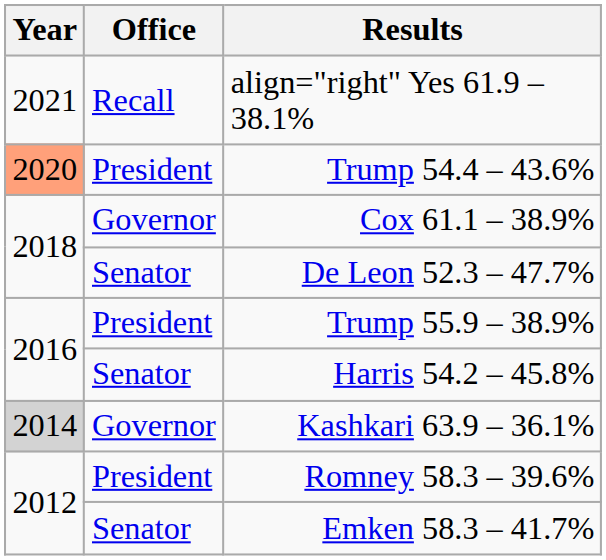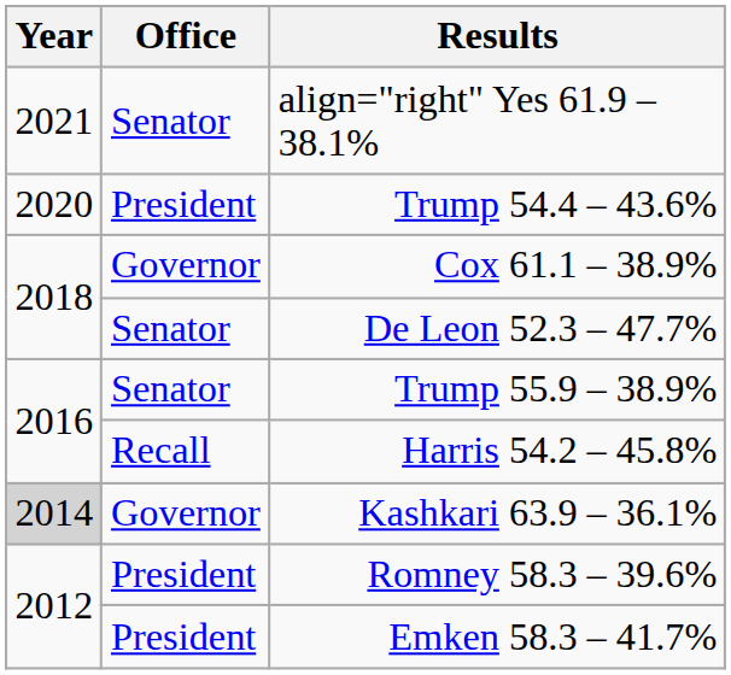 <table class=wikitable>
 <tr>
 <th width="30">Year</th>
 <th width="60">Office</th>
 <th width="180">Results</th>
 </tr>
 <tr>
 <td>2021</td>
-<td><a href='#'>Recall</a></td>
+<td><a href='#'>Senator</a></td>
 <td>align="right"  Yes 61.9 – 38.1%</td>
 </tr>
 <tr>
-<td style="background: lightsalmon;">2020</td>
+<td>2020</td>
 <td><a href='#'>President</a></td>
 <td align="right" ><a href='#'>Trump</a> 54.4 – 43.6%</td>
 </tr>
 <tr>
 <td rowspan="2">2018</td>
 <td><a href='#'>Governor</a></td>
 <td align="right" ><a href='#'>Cox</a> 61.1 – 38.9%</td>
 </tr>
 <tr>
 <td><a href='#'>Senator</a></td>
 <td align="right" ><a href='#'>De Leon</a> 52.3 – 47.7%</td>
 </tr>
 <tr>
 <td rowspan="2">2016</td>
-<td><a href='#'>President</a></td>
+<td><a href='#'>Senator</a></td>
 <td align="right" ><a href='#'>Trump</a> 55.9 – 38.9%</td>
 </tr>
 <tr>
-<td><a href='#'>Senator</a></td>
+<td><a href='#'>Recall</a></td>
 <td align="right" ><a href='#'>Harris</a> 54.2 – 45.8%</td>
 </tr>
 <tr>
 <td style="background: lightgrey;">2014</td>
 <td><a href='#'>Governor</a></td>
 <td align="right" ><a href='#'>Kashkari</a> 63.9 – 36.1%</td>
 </tr>
 <tr>
 <td rowspan="2">2012</td>
 <td><a href='#'>President</a></td>
 <td align="right" ><a href='#'>Romney</a> 58.3 – 39.6%</td>
 </tr>
 <tr>
-<td><a href='#'>Senator</a></td>
+<td><a href='#'>President</a></td>
 <td align="right" ><a href='#'>Emken</a> 58.3 – 41.7%</td>
 </tr>
 </table>
